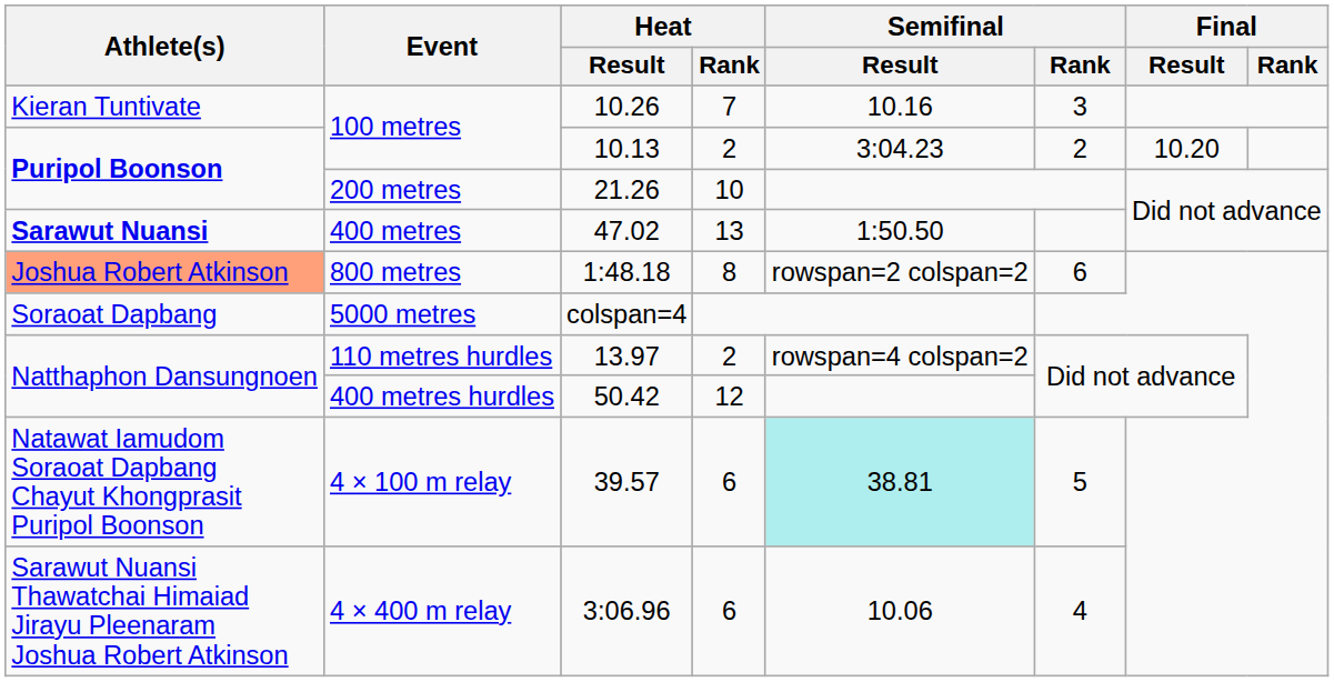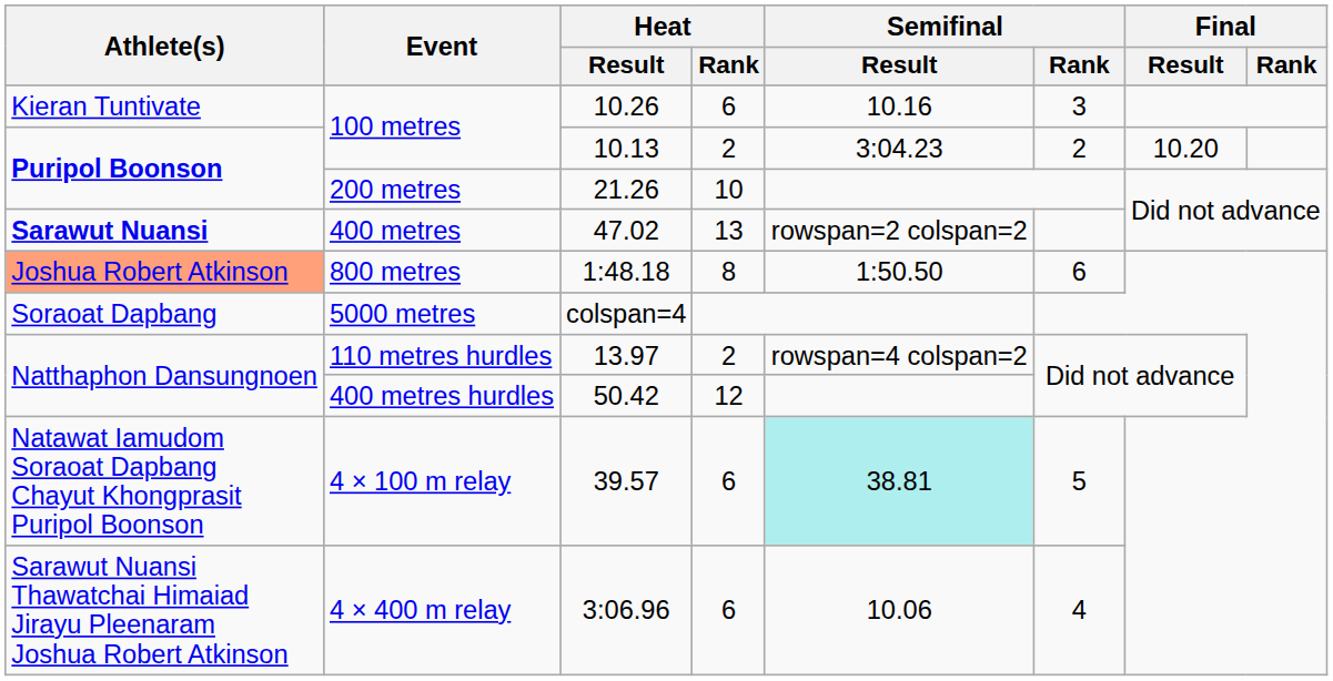 <table class="wikitable" style="font-size:90%">
 <tr>
 <th rowspan="2">Athlete(s)</th>
 <th rowspan="2">Event</th>
 <th colspan="2">Heat</th>
 <th colspan="2">Semifinal</th>
 <th colspan="2">Final</th>
 </tr>
 <tr style="font-size:95%">
 <th>Result</th>
 <th>Rank</th>
 <th>Result</th>
 <th>Rank</th>
 <th>Result</th>
 <th>Rank</th>
 </tr>
 <tr align=center>
 <td align=left><a href='#'>Kieran Tuntivate</a></td>
 <td style="text-align:left;" rowspan="2"><a href='#'>100 metres</a></td>
 <td>10.26</td>
-<td>7 <strong></strong></td>
+<td>6 <strong></strong></td>
 <td>10.16</td>
 <td>3 <strong></strong></td>
 <td colspan=2><strong></strong></td>
 </tr>
 <tr align=center>
 <td align=left rowspan=2><strong><a href='#'>Puripol Boonson</a></strong></td>
 <td>10.13</td>
 <td>2 <strong></strong></td>
 <td>3:04.23</td>
 <td>2 <strong></strong></td>
 <td>10.20</td>
 <td></td>
 </tr>
 <tr align=center>
 <td style="text-align:left;"><a href='#'>200 metres</a></td>
 <td>21.26</td>
 <td>10 <strong></strong></td>
 <td colspan=2><strong></strong></td>
 <td rowspan=2 colspan=2>Did not advance</td>
 </tr>
 <tr align=center>
 <td align=left><strong><a href='#'>Sarawut Nuansi</a></strong></td>
 <td style="text-align:left;"><a href='#'>400 metres</a></td>
 <td>47.02</td>
 <td>13</td>
-<td>1:50.50</td>
+<td>rowspan=2 colspan=2 </td>
 </tr>
 <tr align=center>
 <td align=left style="background: lightsalmon;"><a href='#'>Joshua Robert Atkinson</a></td>
 <td style="text-align:left;"><a href='#'>800 metres</a></td>
 <td>1:48.18</td>
 <td>8 <strong></strong></td>
-<td>rowspan=2 colspan=2 </td>
+<td>1:50.50</td>
 <td>6</td>
 </tr>
 <tr align=center>
 <td align=left><a href='#'>Soraoat Dapbang</a></td>
 <td style="text-align:left;"><a href='#'>5000 metres</a></td>
 <td>colspan=4 </td>
 <td colspan=2><strong></strong></td>
 </tr>
 <tr align=center>
 <td align=left rowspan=2><a href='#'>Natthaphon Dansungnoen</a></td>
 <td style="text-align:left;"><a href='#'>110 metres hurdles</a></td>
 <td>13.97</td>
 <td>2</td>
 <td>rowspan=4 colspan=2 </td>
 <td rowspan=2 colspan=2>Did not advance</td>
 </tr>
 <tr align=center>
 <td style="text-align:left;"><a href='#'>400 metres hurdles</a></td>
 <td>50.42</td>
 <td>12</td>
 </tr>
 <tr align=center>
 <td align=left><a href='#'>Natawat Iamudom</a><br><a href='#'>Soraoat Dapbang</a><br><a href='#'>Chayut Khongprasit</a><br><a href='#'>Puripol Boonson</a></td>
 <td style="text-align:left;"><a href='#'>4 × 100 m relay</a></td>
 <td>39.57</td>
 <td>6 <strong></strong></td>
 <td style="background: paleturquoise;">38.81</td>
 <td>5</td>
 </tr>
 <tr align=center>
 <td align=left><a href='#'>Sarawut Nuansi</a><br><a href='#'>Thawatchai Himaiad</a><br><a href='#'>Jirayu Pleenaram</a><br><a href='#'>Joshua Robert Atkinson</a></td>
 <td style="text-align:left;"><a href='#'>4 × 400 m relay</a></td>
 <td>3:06.96</td>
 <td>6 <strong></strong></td>
 <td>10.06</td>
 <td>4</td>
 </tr>
 </table>
